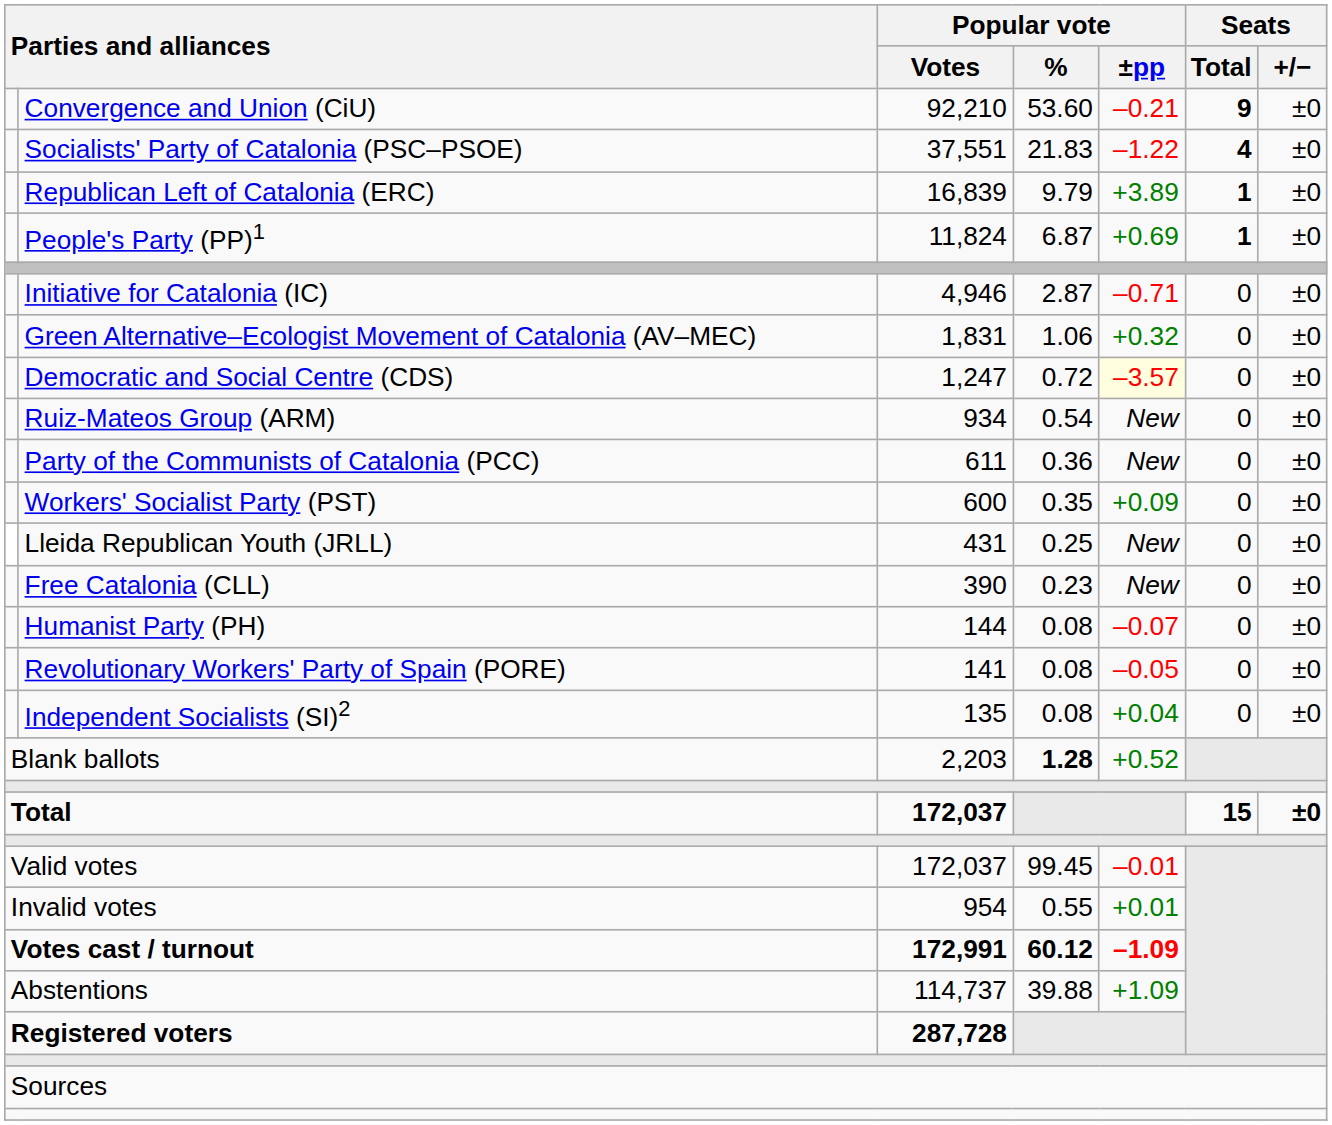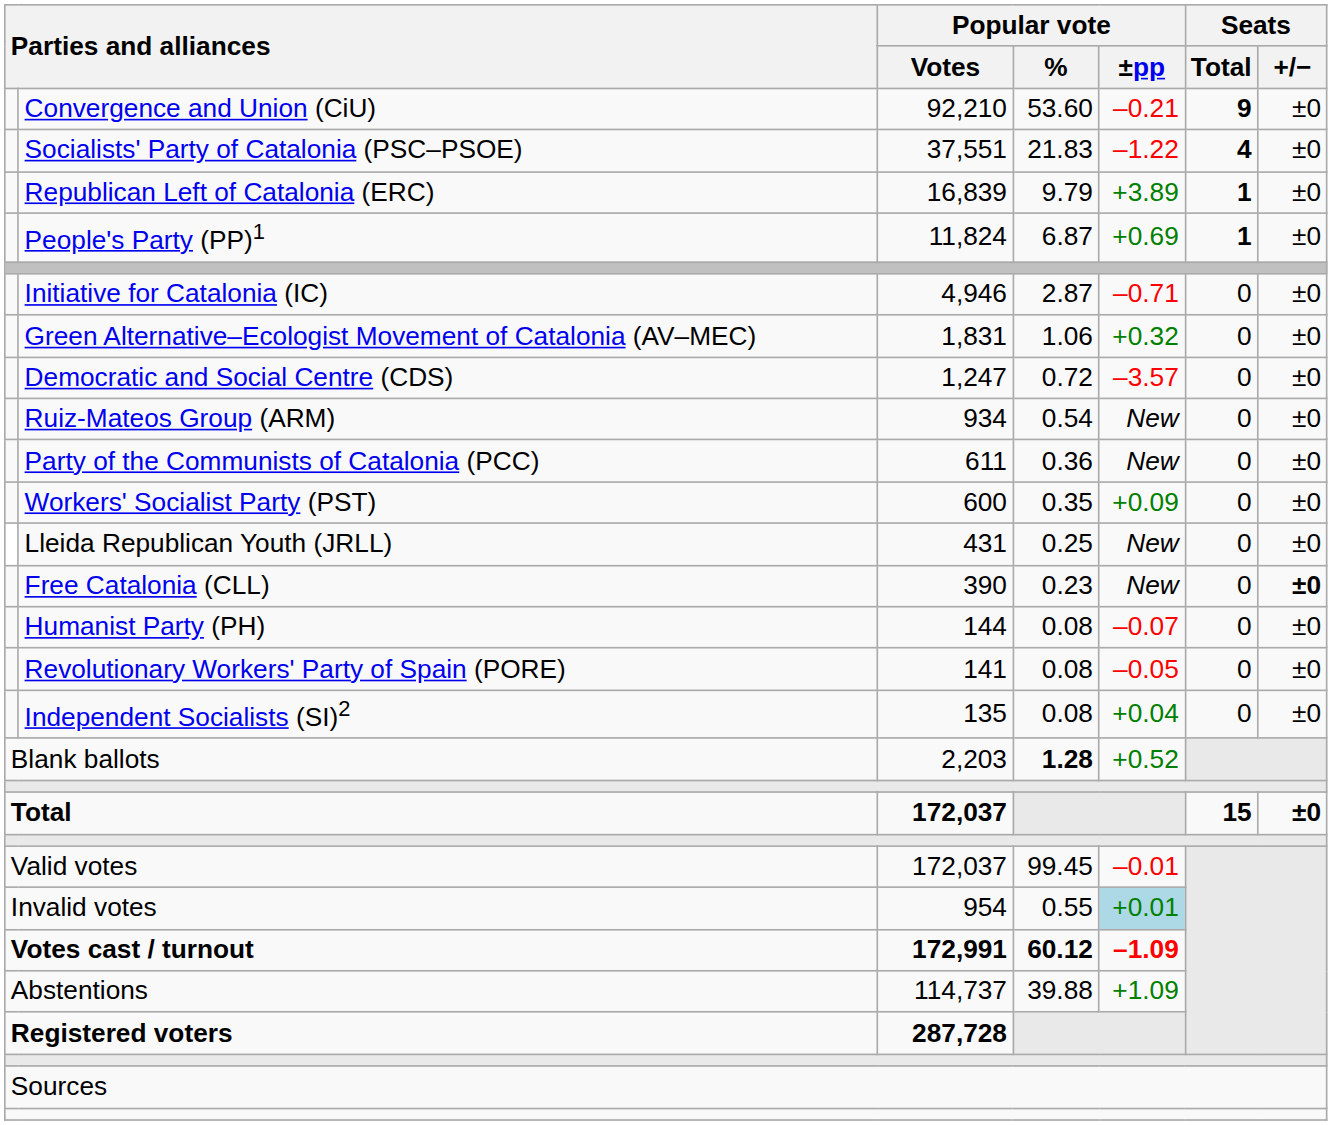 <table class="wikitable" style="text-align:right;">
 <tr>
 <th style="text-align:left;" rowspan="2" colspan="2" width="525">Parties and alliances</th>
 <th colspan="3">Popular vote</th>
 <th colspan="2">Seats</th>
 </tr>
 <tr>
 <th width="75">Votes</th>
 <th width="45">%</th>
 <th width="45">±<a href='#'>pp</a></th>
 <th width="35">Total</th>
 <th width="35">+/−</th>
 </tr>
 <tr>
 <td width="1" style="color:inherit;background:"></td>
 <td align="left"><a href='#'>Convergence and Union</a> (CiU)</td>
 <td>92,210</td>
 <td>53.60</td>
 <td style="color:red;">–0.21</td>
 <td><strong>9</strong></td>
 <td>±0</td>
 </tr>
 <tr>
 <td style="color:inherit;background:"></td>
 <td align="left"><a href='#'>Socialists' Party of Catalonia</a> (PSC–PSOE)</td>
 <td>37,551</td>
 <td>21.83</td>
 <td style="color:red;">–1.22</td>
 <td><strong>4</strong></td>
 <td>±0</td>
 </tr>
 <tr>
 <td style="color:inherit;background:"></td>
 <td align="left"><a href='#'>Republican Left of Catalonia</a> (ERC)</td>
 <td>16,839</td>
 <td>9.79</td>
 <td style="color:green;">+3.89</td>
 <td><strong>1</strong></td>
 <td>±0</td>
 </tr>
 <tr>
 <td style="color:inherit;background:"></td>
 <td align="left"><a href='#'>People's Party</a> (PP)<sup>1</sup></td>
 <td>11,824</td>
 <td>6.87</td>
 <td style="color:green;">+0.69</td>
 <td><strong>1</strong></td>
 <td>±0</td>
 </tr>
 <tr>
 <td colspan="7" bgcolor="#C0C0C0"></td>
 </tr>
 <tr>
 <td style="color:inherit;background:"></td>
 <td align="left"><a href='#'>Initiative for Catalonia</a> (IC)</td>
 <td>4,946</td>
 <td>2.87</td>
 <td style="color:red;">–0.71</td>
 <td>0</td>
 <td>±0</td>
 </tr>
 <tr>
 <td style="color:inherit;background:"></td>
 <td align="left"><a href='#'>Green Alternative–Ecologist Movement of Catalonia</a> (AV–MEC)</td>
 <td>1,831</td>
 <td>1.06</td>
 <td style="color:green;">+0.32</td>
 <td>0</td>
 <td>±0</td>
 </tr>
 <tr>
 <td style="color:inherit;background:"></td>
 <td align="left"><a href='#'>Democratic and Social Centre</a> (CDS)</td>
 <td>1,247</td>
 <td>0.72</td>
-<td style="background: lightyellow; color:red;">–3.57</td>
+<td style="color:red;">–3.57</td>
 <td>0</td>
 <td>±0</td>
 </tr>
 <tr>
 <td style="color:inherit;background:"></td>
 <td align="left"><a href='#'>Ruiz-Mateos Group</a> (ARM)</td>
 <td>934</td>
 <td>0.54</td>
 <td><em>New</em></td>
 <td>0</td>
 <td>±0</td>
 </tr>
 <tr>
 <td style="color:inherit;background:"></td>
 <td align="left"><a href='#'>Party of the Communists of Catalonia</a> (PCC)</td>
 <td>611</td>
 <td>0.36</td>
 <td><em>New</em></td>
 <td>0</td>
 <td>±0</td>
 </tr>
 <tr>
 <td style="color:inherit;background:"></td>
 <td align="left"><a href='#'>Workers' Socialist Party</a> (PST)</td>
 <td>600</td>
 <td>0.35</td>
 <td style="color:green;">+0.09</td>
 <td>0</td>
 <td>±0</td>
 </tr>
 <tr>
 <td bgcolor="white"></td>
 <td align="left">Lleida Republican Youth (JRLL)</td>
 <td>431</td>
 <td>0.25</td>
 <td><em>New</em></td>
 <td>0</td>
 <td>±0</td>
 </tr>
 <tr>
 <td style="color:inherit;background:"></td>
 <td align="left"><a href='#'>Free Catalonia</a> (CLL)</td>
 <td>390</td>
 <td>0.23</td>
 <td><em>New</em></td>
 <td>0</td>
-<td>±0</td>
+<td><strong>±0</strong></td>
 </tr>
 <tr>
 <td style="color:inherit;background:"></td>
 <td align="left"><a href='#'>Humanist Party</a> (PH)</td>
 <td>144</td>
 <td>0.08</td>
 <td style="color:red;">–0.07</td>
 <td>0</td>
 <td>±0</td>
 </tr>
 <tr>
 <td style="color:inherit;background:"></td>
 <td align="left"><a href='#'>Revolutionary Workers' Party of Spain</a> (PORE)</td>
 <td>141</td>
 <td>0.08</td>
 <td style="color:red;">–0.05</td>
 <td>0</td>
 <td>±0</td>
 </tr>
 <tr>
 <td style="color:inherit;background:"></td>
 <td align="left"><a href='#'>Independent Socialists</a> (SI)<sup>2</sup></td>
 <td>135</td>
 <td>0.08</td>
 <td style="color:green;">+0.04</td>
 <td>0</td>
 <td>±0</td>
 </tr>
 <tr>
 <td align="left" colspan="2">Blank ballots</td>
 <td>2,203</td>
 <td><strong>1.28</strong></td>
 <td style="color:green;">+0.52</td>
 <td bgcolor="#E9E9E9" colspan="2"></td>
 </tr>
 <tr>
 <td colspan="7" bgcolor="#E9E9E9"></td>
 </tr>
 <tr style="font-weight:bold;">
 <td align="left" colspan="2">Total</td>
 <td>172,037</td>
 <td bgcolor="#E9E9E9" colspan="2"></td>
 <td>15</td>
 <td>±0</td>
 </tr>
 <tr>
 <td colspan="7" bgcolor="#E9E9E9"></td>
 </tr>
 <tr>
 <td align="left" colspan="2">Valid votes</td>
 <td>172,037</td>
 <td>99.45</td>
 <td style="color:red;">–0.01</td>
 <td bgcolor="#E9E9E9" colspan="2" rowspan="5"></td>
 </tr>
 <tr>
 <td align="left" colspan="2">Invalid votes</td>
 <td>954</td>
 <td>0.55</td>
-<td style="color:green;">+0.01</td>
+<td style="background: lightblue; color:green;">+0.01</td>
 </tr>
 <tr style="font-weight:bold;">
 <td align="left" colspan="2">Votes cast / turnout</td>
 <td>172,991</td>
 <td>60.12</td>
 <td style="color:red;">–1.09</td>
 </tr>
 <tr>
 <td align="left" colspan="2">Abstentions</td>
 <td>114,737</td>
 <td>39.88</td>
 <td style="color:green;">+1.09</td>
 </tr>
 <tr style="font-weight:bold;">
 <td align="left" colspan="2">Registered voters</td>
 <td>287,728</td>
 <td bgcolor="#E9E9E9" colspan="2"></td>
 </tr>
 <tr>
 <td colspan="7" bgcolor="#E9E9E9"></td>
 </tr>
 <tr>
 <td align="left" colspan="7">Sources</td>
 </tr>
 <tr>
 <td colspan="7" style="text-align:left; max-width:790px;"></td>
 </tr>
 </table>
